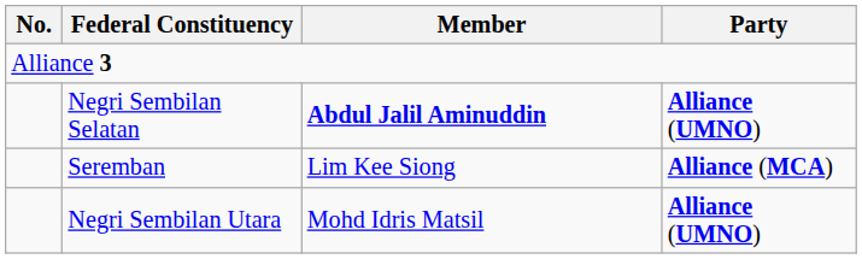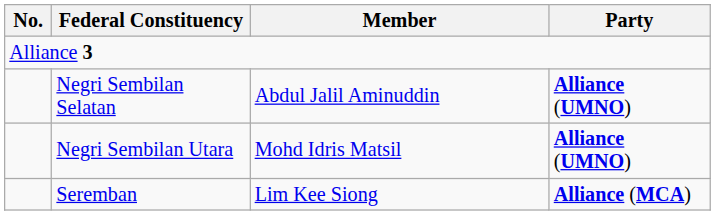 <table class="wikitable sortable">
 <tr>
 <th style="width:30px;">No.</th>
 <th style="width:150px;">Federal Constituency</th>
 <th style="width:230px;">Member</th>
 <th style="width:120px;">Party</th>
 </tr>
 <tr>
 <td colspan="4"><a href='#'>Alliance</a> <strong>3</strong></td>
 </tr>
 <tr>
 <td></td>
 <td><a href='#'>Negri Sembilan Selatan</a></td>
-<td><strong><a href='#'>Abdul Jalil Aminuddin</a></strong></td>
+<td><a href='#'>Abdul Jalil Aminuddin</a></td>
+<td><strong><a href='#'>Alliance</a></strong> (<strong><a href='#'>UMNO</a></strong>)</td>
+</tr>
+<tr>
+<td></td>
+<td><a href='#'>Negri Sembilan Utara</a></td>
+<td><a href='#'>Mohd Idris Matsil</a></td>
 <td><strong><a href='#'>Alliance</a></strong> (<strong><a href='#'>UMNO</a></strong>)</td>
 </tr>
 <tr>
 <td></td>
 <td><a href='#'>Seremban</a></td>
 <td><a href='#'>Lim Kee Siong</a></td>
 <td><strong><a href='#'>Alliance</a></strong> (<strong><a href='#'>MCA</a></strong>)</td>
 </tr>
-<tr>
-<td></td>
-<td><a href='#'>Negri Sembilan Utara</a></td>
-<td><a href='#'>Mohd Idris Matsil</a></td>
-<td><strong><a href='#'>Alliance</a></strong> (<strong><a href='#'>UMNO</a></strong>)</td>
-</tr>
 </table>
